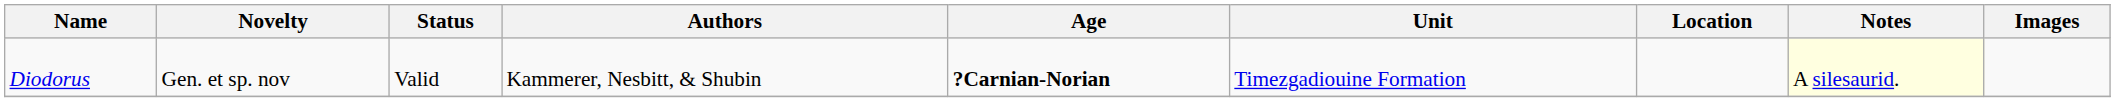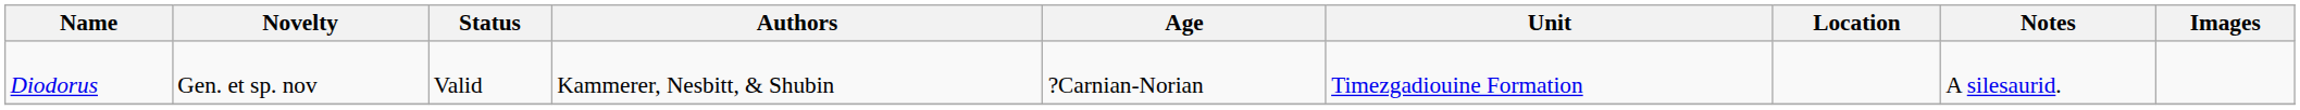 <table class="wikitable sortable" align="center" width="100%">
 <tr>
 <th>Name</th>
 <th>Novelty</th>
 <th>Status</th>
 <th>Authors</th>
 <th>Age</th>
 <th>Unit</th>
 <th>Location</th>
 <th>Notes</th>
 <th>Images</th>
 </tr>
 <tr>
 <td><br><em><a href='#'>Diodorus</a></em></td>
 <td><br>Gen. et sp. nov</td>
 <td><br>Valid</td>
 <td><br>Kammerer, Nesbitt, & Shubin</td>
-<td><strong><br>?Carnian-Norian</strong></td>
+<td><br>?Carnian-Norian</td>
 <td><br><a href='#'>Timezgadiouine Formation</a></td>
 <td><br></td>
-<td style="background: lightyellow;"><br>A <a href='#'>silesaurid</a>.</td>
+<td><br>A <a href='#'>silesaurid</a>.</td>
 <td></td>
 </tr>
 <tr>
 </tr>
 </table>
